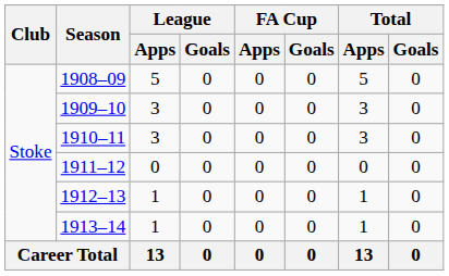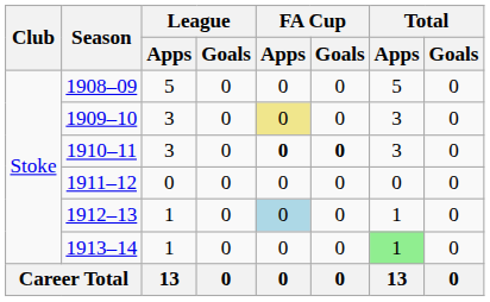 <table class="wikitable" style="text-align: center;">
 <tr>
 <th rowspan="2">Club</th>
 <th rowspan="2">Season</th>
 <th colspan="2">League</th>
 <th colspan="2">FA Cup</th>
 <th colspan="2">Total</th>
 </tr>
 <tr>
 <th>Apps</th>
 <th>Goals</th>
 <th>Apps</th>
 <th>Goals</th>
 <th>Apps</th>
 <th>Goals</th>
 </tr>
 <tr>
 <td rowspan="6"><a href='#'>Stoke</a></td>
 <td><a href='#'>1908–09</a></td>
 <td>5</td>
 <td>0</td>
 <td>0</td>
 <td>0</td>
 <td>5</td>
 <td>0</td>
 </tr>
 <tr>
 <td><a href='#'>1909–10</a></td>
 <td>3</td>
 <td>0</td>
-<td>0</td>
+<td style="background: khaki;">0</td>
 <td>0</td>
 <td>3</td>
 <td>0</td>
 </tr>
 <tr>
 <td><a href='#'>1910–11</a></td>
 <td>3</td>
 <td>0</td>
-<td>0</td>
-<td>0</td>
+<td><strong>0</strong></td>
+<td><strong>0</strong></td>
 <td>3</td>
 <td>0</td>
 </tr>
 <tr>
 <td><a href='#'>1911–12</a></td>
 <td>0</td>
 <td>0</td>
 <td>0</td>
 <td>0</td>
 <td>0</td>
 <td>0</td>
 </tr>
 <tr>
 <td><a href='#'>1912–13</a></td>
 <td>1</td>
 <td>0</td>
-<td>0</td>
+<td style="background: lightblue;">0</td>
 <td>0</td>
 <td>1</td>
 <td>0</td>
 </tr>
 <tr>
 <td><a href='#'>1913–14</a></td>
 <td>1</td>
 <td>0</td>
 <td>0</td>
 <td>0</td>
-<td>1</td>
+<td style="background: lightgreen;">1</td>
 <td>0</td>
 </tr>
 <tr>
 <th colspan="2">Career Total</th>
 <th>13</th>
 <th>0</th>
 <th>0</th>
 <th>0</th>
 <th>13</th>
 <th>0</th>
 </tr>
 </table>
